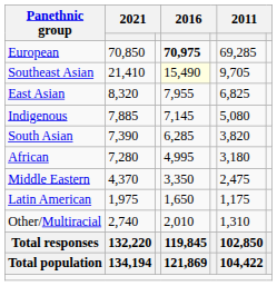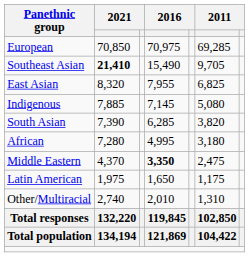 <table class="wikitable collapsible sortable">
 <tr>
 <th rowspan="2"><a href='#'>Panethnic</a><br>group</th>
 <th colspan="2">2021</th>
 <th colspan="2">2016</th>
 <th colspan="2">2011</th>
 </tr>
 <tr>
 <th><a href='#'></a></th>
 <th></th>
 <th></th>
 <th></th>
 <th></th>
 <th></th>
 </tr>
 <tr>
 <td><a href='#'>European</a></td>
 <td>70,850</td>
 <td></td>
-<td><strong>70,975</strong></td>
+<td>70,975</td>
 <td></td>
 <td>69,285</td>
 <td></td>
 </tr>
 <tr>
 <td><a href='#'>Southeast Asian</a></td>
-<td>21,410</td>
+<td><strong>21,410</strong></td>
 <td></td>
-<td style="background: lightyellow;">15,490</td>
+<td>15,490</td>
 <td></td>
 <td>9,705</td>
 <td></td>
 </tr>
 <tr>
 <td><a href='#'>East Asian</a></td>
 <td>8,320</td>
 <td></td>
 <td>7,955</td>
 <td></td>
 <td>6,825</td>
 <td></td>
 </tr>
 <tr>
 <td><a href='#'>Indigenous</a></td>
 <td>7,885</td>
 <td></td>
 <td>7,145</td>
 <td></td>
 <td>5,080</td>
 <td></td>
 </tr>
 <tr>
 <td><a href='#'>South Asian</a></td>
 <td>7,390</td>
 <td></td>
 <td>6,285</td>
 <td></td>
 <td>3,820</td>
 <td></td>
 </tr>
 <tr>
 <td><a href='#'>African</a></td>
 <td>7,280</td>
 <td></td>
 <td>4,995</td>
 <td></td>
 <td>3,180</td>
 <td></td>
 </tr>
 <tr>
 <td><a href='#'>Middle Eastern</a></td>
 <td>4,370</td>
 <td></td>
-<td>3,350</td>
+<td><strong>3,350</strong></td>
 <td></td>
 <td>2,475</td>
 <td></td>
 </tr>
 <tr>
 <td><a href='#'>Latin American</a></td>
 <td>1,975</td>
 <td></td>
 <td>1,650</td>
 <td></td>
 <td>1,175</td>
 <td></td>
 </tr>
 <tr>
 <td>Other/<a href='#'>Multiracial</a></td>
 <td>2,740</td>
 <td></td>
 <td>2,010</td>
 <td></td>
 <td>1,310</td>
 <td></td>
 </tr>
 <tr>
 <th>Total responses</th>
 <th>132,220</th>
 <th></th>
 <th>119,845</th>
 <th></th>
 <th>102,850</th>
 <th></th>
 </tr>
 <tr>
 <th>Total population</th>
 <th>134,194</th>
 <th></th>
 <th>121,869</th>
 <th></th>
 <th>104,422</th>
 <th></th>
 </tr>
 <tr class="sortbottom">
 <td colspan="15"></td>
 </tr>
 </table>
